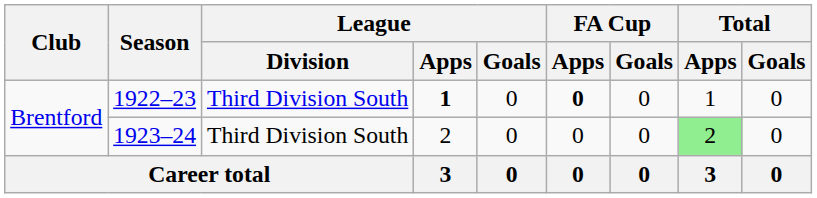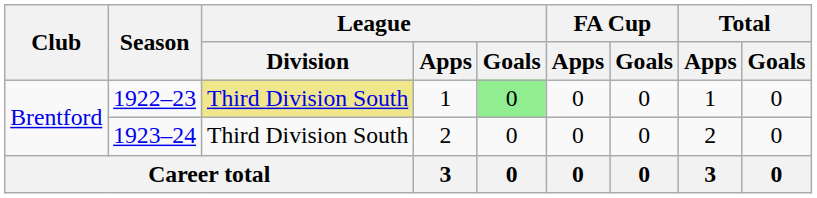 <table class="wikitable" style="text-align: center;">
 <tr>
 <th rowspan="2">Club</th>
 <th rowspan="2">Season</th>
 <th colspan="3">League</th>
 <th colspan="2">FA Cup</th>
 <th colspan="2">Total</th>
 </tr>
 <tr>
 <th>Division</th>
 <th>Apps</th>
 <th>Goals</th>
 <th>Apps</th>
 <th>Goals</th>
 <th>Apps</th>
 <th>Goals</th>
 </tr>
 <tr>
 <td rowspan="2"><a href='#'>Brentford</a></td>
 <td><a href='#'>1922–23</a></td>
-<td><a href='#'>Third Division South</a></td>
-<td><strong>1</strong></td>
+<td style="background: khaki;"><a href='#'>Third Division South</a></td>
+<td>1</td>
+<td style="background: lightgreen;">0</td>
 <td>0</td>
-<td><strong>0</strong></td>
 <td>0</td>
 <td>1</td>
 <td>0</td>
 </tr>
 <tr>
 <td><a href='#'>1923–24</a></td>
 <td>Third Division South</td>
 <td>2</td>
 <td>0</td>
 <td>0</td>
 <td>0</td>
-<td style="background: lightgreen;">2</td>
+<td>2</td>
 <td>0</td>
 </tr>
 <tr>
 <th colspan="3">Career total</th>
 <th>3</th>
 <th>0</th>
 <th>0</th>
 <th>0</th>
 <th>3</th>
 <th>0</th>
 </tr>
 </table>
